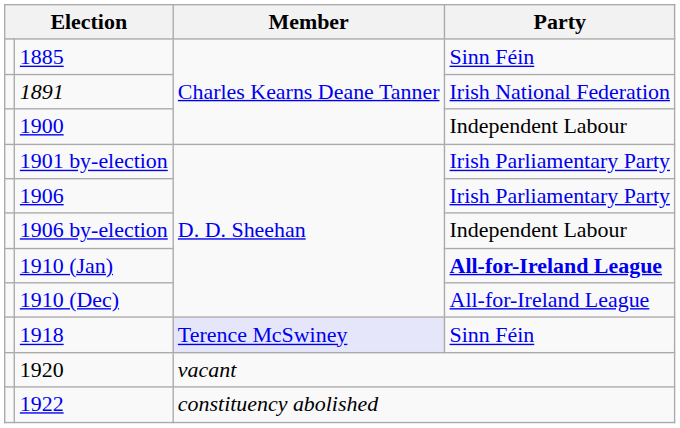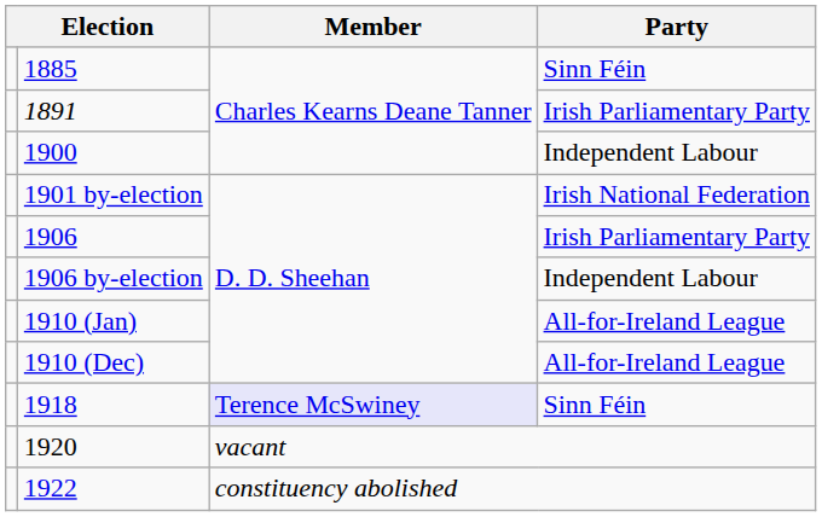 <table class="wikitable">
 <tr>
 <th colspan="2">Election</th>
 <th>Member</th>
 <th>Party</th>
 </tr>
 <tr>
 <td style="background-color: "></td>
 <td><a href='#'>1885</a></td>
 <td rowspan="3"><a href='#'>Charles Kearns Deane Tanner</a></td>
 <td><a href='#'>Sinn Féin</a></td>
 </tr>
 <tr>
 <td style="background-color: "></td>
 <td><em>1891</em></td>
-<td><a href='#'>Irish National Federation</a></td>
+<td><a href='#'>Irish Parliamentary Party</a></td>
 </tr>
 <tr>
 <td style="background-color: "></td>
 <td><a href='#'>1900</a></td>
 <td>Independent Labour</td>
 </tr>
 <tr>
 <td style="background-color: "></td>
 <td><a href='#'>1901 by-election</a></td>
 <td rowspan="5"><a href='#'>D. D. Sheehan</a></td>
-<td><a href='#'>Irish Parliamentary Party</a></td>
+<td><a href='#'>Irish National Federation</a></td>
 </tr>
 <tr>
 <td style="background-color: "></td>
 <td><a href='#'>1906</a></td>
 <td><a href='#'>Irish Parliamentary Party</a></td>
 </tr>
 <tr>
 <td style="background-color: "></td>
 <td><a href='#'>1906 by-election</a></td>
 <td>Independent Labour</td>
 </tr>
 <tr>
 <td style="background-color: "></td>
 <td><a href='#'>1910 (Jan)</a></td>
-<td><strong><a href='#'>All-for-Ireland League</a></strong></td>
+<td><a href='#'>All-for-Ireland League</a></td>
 </tr>
 <tr>
 <td style="background-color: "></td>
 <td><a href='#'>1910 (Dec)</a></td>
 <td><a href='#'>All-for-Ireland League</a></td>
 </tr>
 <tr>
 <td style="background-color: "></td>
 <td><a href='#'>1918</a></td>
 <td style="background: lavender;"><a href='#'>Terence McSwiney</a></td>
 <td><a href='#'>Sinn Féin</a></td>
 </tr>
 <tr>
 <td></td>
 <td>1920</td>
 <td colspan="2"><em>vacant</em></td>
 </tr>
 <tr>
 <td></td>
 <td><a href='#'>1922</a></td>
 <td colspan="2"><em>constituency abolished</em></td>
 </tr>
 </table>
